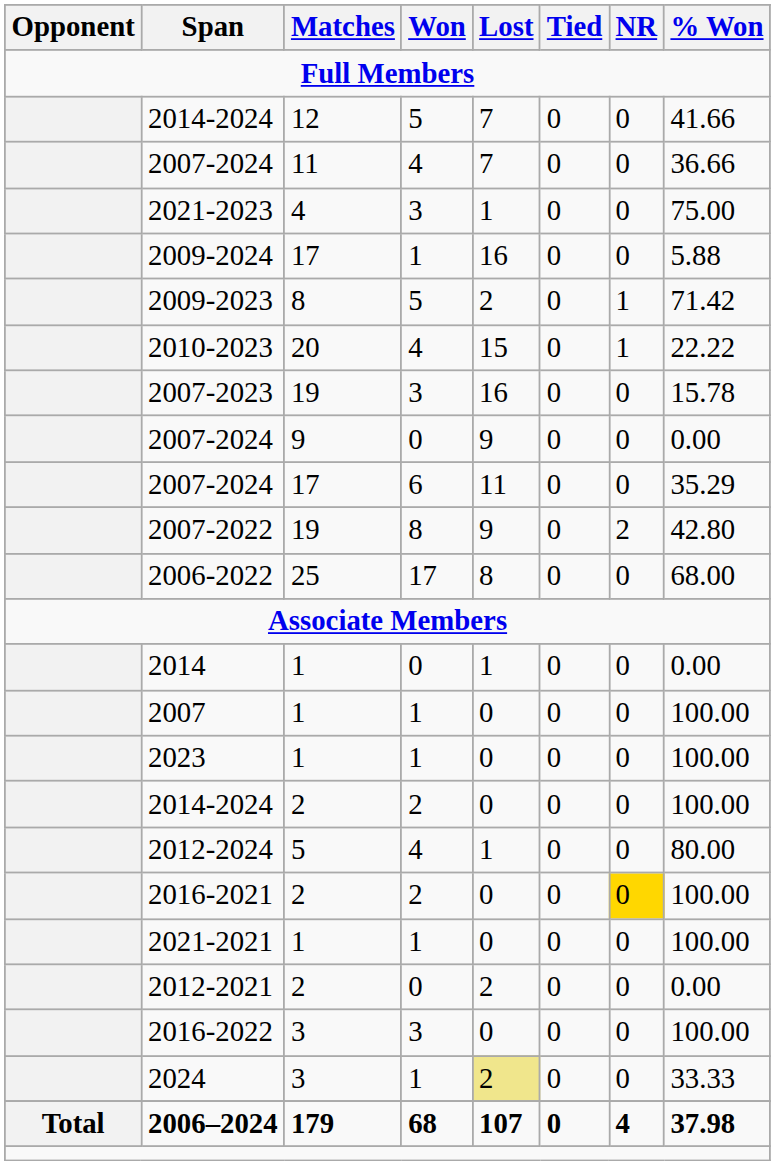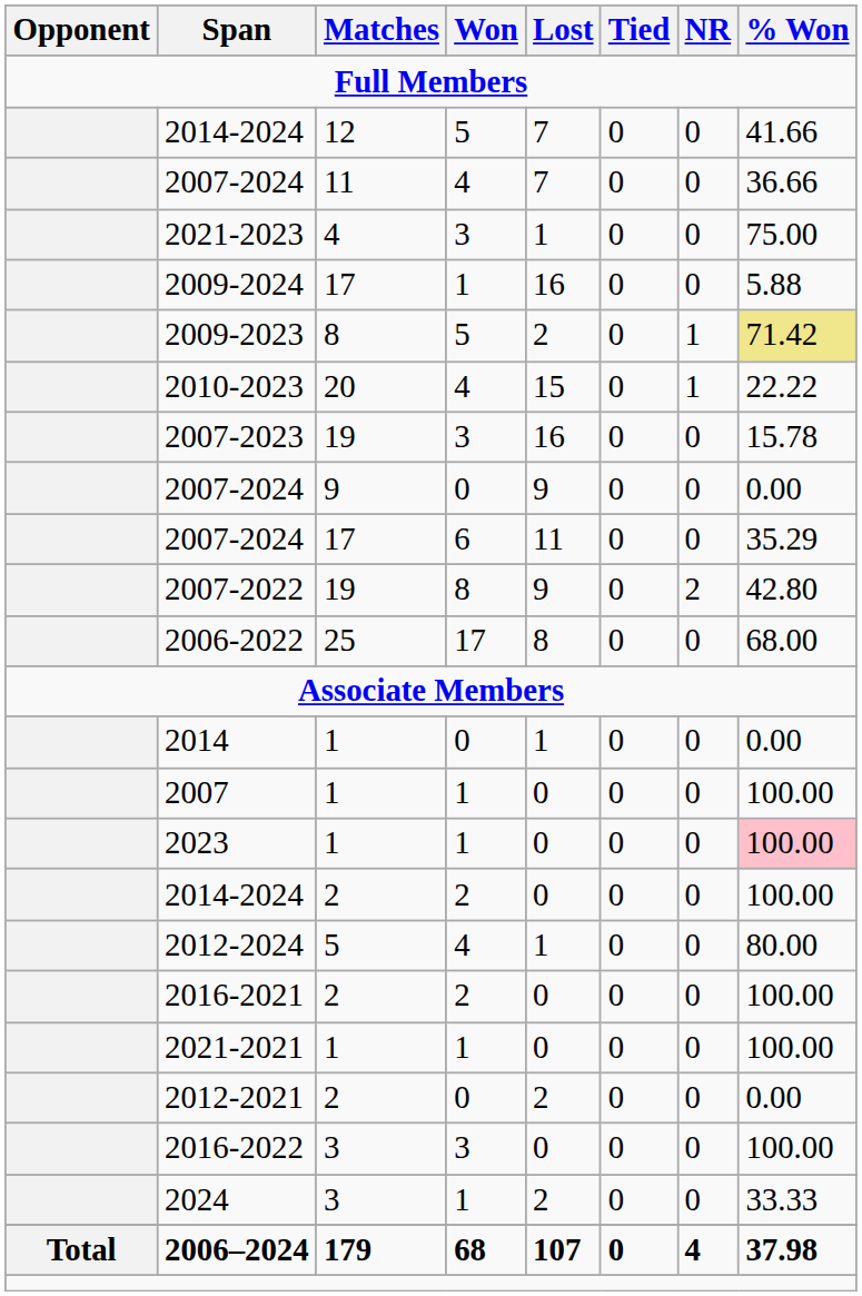 <table class="wikitable plainrowheaders sortable">
 <tr>
 <th scope="col">Opponent</th>
 <th><strong>Span</strong></th>
 <th scope="col"><a href='#'>Matches</a></th>
 <th scope="col"><a href='#'>Won</a></th>
 <th scope="col"><a href='#'>Lost</a></th>
 <th scope="col"><a href='#'>Tied</a></th>
 <th scope="col"><a href='#'>NR</a></th>
 <th scope="col"><a href='#'>% Won</a></th>
 </tr>
 <tr>
 <td colspan="9" style="text-align: center;"><strong><a href='#'>Full Members</a></strong></td>
 </tr>
 <tr>
 <th scope=row></th>
 <td>2014-2024</td>
 <td>12</td>
 <td>5</td>
 <td>7</td>
 <td>0</td>
 <td>0</td>
 <td>41.66</td>
 </tr>
 <tr>
 <th scope=row></th>
 <td>2007-2024</td>
 <td>11</td>
 <td>4</td>
 <td>7</td>
 <td>0</td>
 <td>0</td>
 <td>36.66</td>
 </tr>
 <tr>
 <th scope=row></th>
 <td>2021-2023</td>
 <td>4</td>
 <td>3</td>
 <td>1</td>
 <td>0</td>
 <td>0</td>
 <td>75.00</td>
 </tr>
 <tr>
 <th scope=row></th>
 <td>2009-2024</td>
 <td>17</td>
 <td>1</td>
 <td>16</td>
 <td>0</td>
 <td>0</td>
 <td>5.88</td>
 </tr>
 <tr>
 <th scope=row></th>
 <td>2009-2023</td>
 <td>8</td>
 <td>5</td>
 <td>2</td>
 <td>0</td>
 <td>1</td>
-<td>71.42</td>
+<td style="background: khaki;">71.42</td>
 </tr>
 <tr>
 <th scope=row></th>
 <td>2010-2023</td>
 <td>20</td>
 <td>4</td>
 <td>15</td>
 <td>0</td>
 <td>1</td>
 <td>22.22</td>
 </tr>
 <tr>
 <th scope=row></th>
 <td>2007-2023</td>
 <td>19</td>
 <td>3</td>
 <td>16</td>
 <td>0</td>
 <td>0</td>
 <td>15.78</td>
 </tr>
 <tr>
 <th scope=row></th>
 <td>2007-2024</td>
 <td>9</td>
 <td>0</td>
 <td>9</td>
 <td>0</td>
 <td>0</td>
 <td>0.00</td>
 </tr>
 <tr>
 <th scope=row></th>
 <td>2007-2024</td>
 <td>17</td>
 <td>6</td>
 <td>11</td>
 <td>0</td>
 <td>0</td>
 <td>35.29</td>
 </tr>
 <tr>
 <th scope=row></th>
 <td>2007-2022</td>
 <td>19</td>
 <td>8</td>
 <td>9</td>
 <td>0</td>
 <td>2</td>
 <td>42.80</td>
 </tr>
 <tr>
 <th scope=row></th>
 <td>2006-2022</td>
 <td>25</td>
 <td>17</td>
 <td>8</td>
 <td>0</td>
 <td>0</td>
 <td>68.00</td>
 </tr>
 <tr>
 <td colspan="9" style="text-align: center;"><strong><a href='#'>Associate Members</a></strong></td>
 </tr>
 <tr>
 <th scope=row></th>
 <td>2014</td>
 <td>1</td>
 <td>0</td>
 <td>1</td>
 <td>0</td>
 <td>0</td>
 <td>0.00</td>
 </tr>
 <tr>
 <th scope=row></th>
 <td>2007</td>
 <td>1</td>
 <td>1</td>
 <td>0</td>
 <td>0</td>
 <td>0</td>
 <td>100.00</td>
 </tr>
 <tr>
 <th scope=row></th>
 <td>2023</td>
 <td>1</td>
 <td>1</td>
 <td>0</td>
 <td>0</td>
 <td>0</td>
-<td>100.00</td>
+<td style="background: pink;">100.00</td>
 </tr>
 <tr>
 <th scope=row></th>
 <td>2014-2024</td>
 <td>2</td>
 <td>2</td>
 <td>0</td>
 <td>0</td>
 <td>0</td>
 <td>100.00</td>
 </tr>
 <tr>
 <th scope=row></th>
 <td>2012-2024</td>
 <td>5</td>
 <td>4</td>
 <td>1</td>
 <td>0</td>
 <td>0</td>
 <td>80.00</td>
 </tr>
 <tr>
 <th scope=row></th>
 <td>2016-2021</td>
 <td>2</td>
 <td>2</td>
 <td>0</td>
 <td>0</td>
-<td style="background: gold;">0</td>
+<td>0</td>
 <td>100.00</td>
 </tr>
 <tr>
 <th scope=row></th>
 <td>2021-2021</td>
 <td>1</td>
 <td>1</td>
 <td>0</td>
 <td>0</td>
 <td>0</td>
 <td>100.00</td>
 </tr>
 <tr>
 <th scope=row></th>
 <td>2012-2021</td>
 <td>2</td>
 <td>0</td>
 <td>2</td>
 <td>0</td>
 <td>0</td>
 <td>0.00</td>
 </tr>
 <tr>
 <th scope=row></th>
 <td>2016-2022</td>
 <td>3</td>
 <td>3</td>
 <td>0</td>
 <td>0</td>
 <td>0</td>
 <td>100.00</td>
 </tr>
 <tr>
 <th scope=row></th>
 <td>2024</td>
 <td>3</td>
 <td>1</td>
-<td style="background: khaki;">2</td>
+<td>2</td>
 <td>0</td>
 <td>0</td>
 <td>33.33</td>
 </tr>
 <tr>
 </tr>
 <tr class="sortbottom">
 <th scope="row" style="text-align:center"><strong>Total</strong></th>
 <td><strong>2006–2024</strong></td>
 <td><strong>179</strong></td>
 <td><strong>68</strong></td>
 <td><strong>107</strong></td>
 <td><strong>0</strong></td>
 <td><strong>4</strong></td>
 <td><strong>37.98</strong></td>
 </tr>
 <tr>
 <td colspan="11"></td>
 </tr>
 </table>
